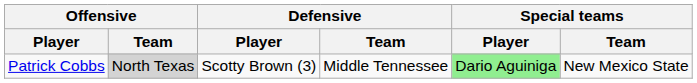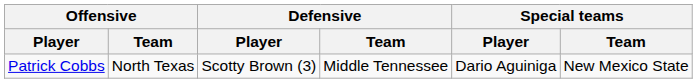 <table class="wikitable">
 <tr>
 <th colspan="2">Offensive</th>
 <th colspan="2">Defensive</th>
 <th colspan="2">Special teams</th>
 </tr>
 <tr>
 <th>Player</th>
 <th>Team</th>
 <th>Player</th>
 <th>Team</th>
 <th>Player</th>
 <th>Team</th>
 </tr>
 <tr>
 <td><a href='#'>Patrick Cobbs</a></td>
-<td style="background: lightgrey;">North Texas</td>
+<td>North Texas</td>
 <td>Scotty Brown (3)</td>
 <td>Middle Tennessee</td>
-<td style="background: lightgreen;">Dario Aguiniga</td>
+<td>Dario Aguiniga</td>
 <td>New Mexico State</td>
 </tr>
 </table>
